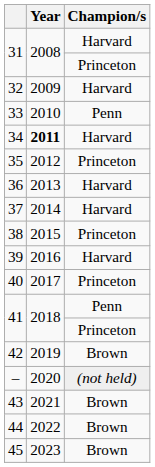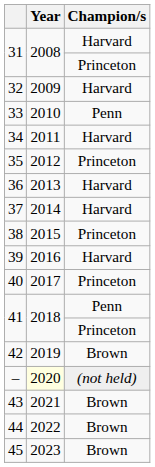 <table class="wikitable sortable" style="text-align:center">
 <tr>
 <th></th>
 <th>Year</th>
 <th>Champion/s</th>
 </tr>
 <tr>
 <td rowspan=2>31</td>
 <td rowspan=2>2008</td>
 <td>Harvard </td>
 </tr>
 <tr>
 <td>Princeton </td>
 </tr>
 <tr>
 <td>32</td>
 <td>2009</td>
 <td>Harvard </td>
 </tr>
 <tr>
 <td>33</td>
 <td>2010</td>
 <td>Penn </td>
 </tr>
 <tr>
 <td>34</td>
-<td><strong>2011</strong></td>
+<td>2011</td>
 <td>Harvard </td>
 </tr>
 <tr>
 <td>35</td>
 <td>2012</td>
 <td>Princeton </td>
 </tr>
 <tr>
 <td>36</td>
 <td>2013</td>
 <td>Harvard </td>
 </tr>
 <tr>
 <td>37</td>
 <td>2014</td>
 <td>Harvard </td>
 </tr>
 <tr>
 <td>38</td>
 <td>2015</td>
 <td>Princeton </td>
 </tr>
 <tr>
 <td>39</td>
 <td>2016</td>
 <td>Harvard </td>
 </tr>
 <tr>
 <td>40</td>
 <td>2017</td>
 <td>Princeton </td>
 </tr>
 <tr>
 <td rowspan=2>41</td>
 <td rowspan=2>2018</td>
 <td>Penn </td>
 </tr>
 <tr>
 <td>Princeton </td>
 </tr>
 <tr>
 <td>42</td>
 <td>2019</td>
 <td>Brown </td>
 </tr>
 <tr>
 <td>–</td>
-<td>2020</td>
+<td style="background: lightyellow;">2020</td>
 <td style= background:#efefef><em>(not held)</em> </td>
 </tr>
 <tr>
 <td>43</td>
 <td>2021</td>
 <td>Brown </td>
 </tr>
 <tr>
 <td>44</td>
 <td>2022</td>
 <td>Brown </td>
 </tr>
 <tr>
 <td>45</td>
 <td>2023</td>
 <td>Brown </td>
 </tr>
 </table>
